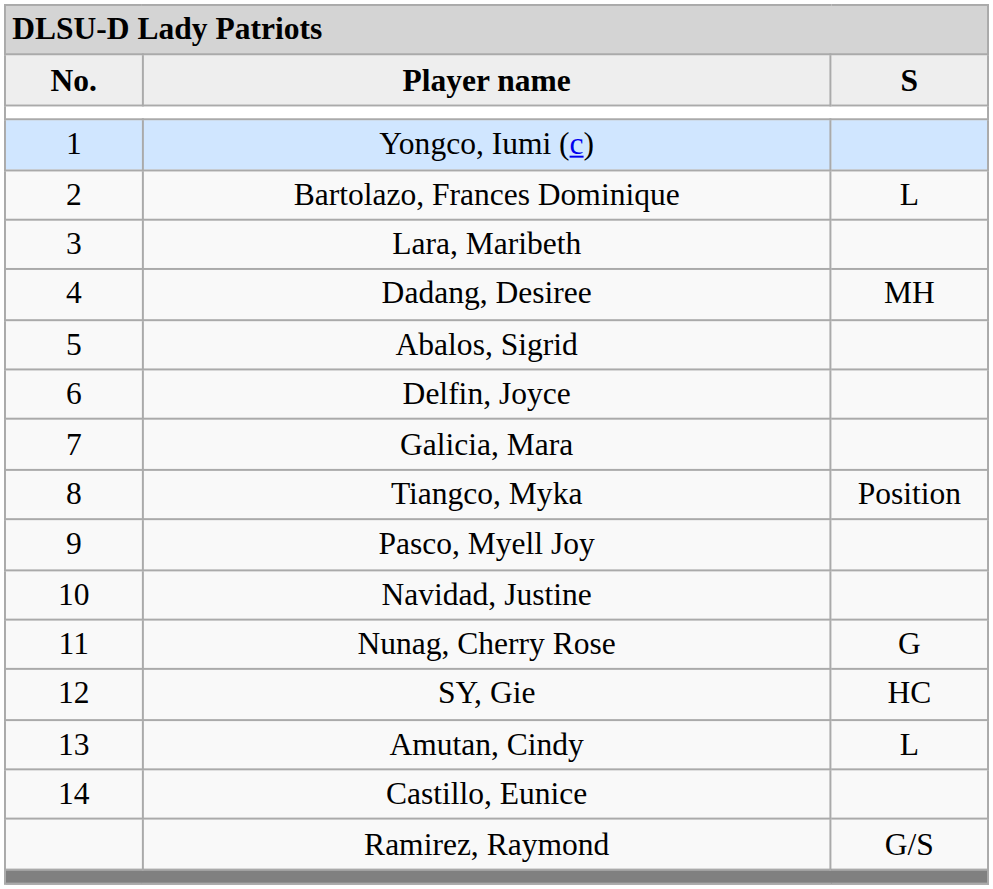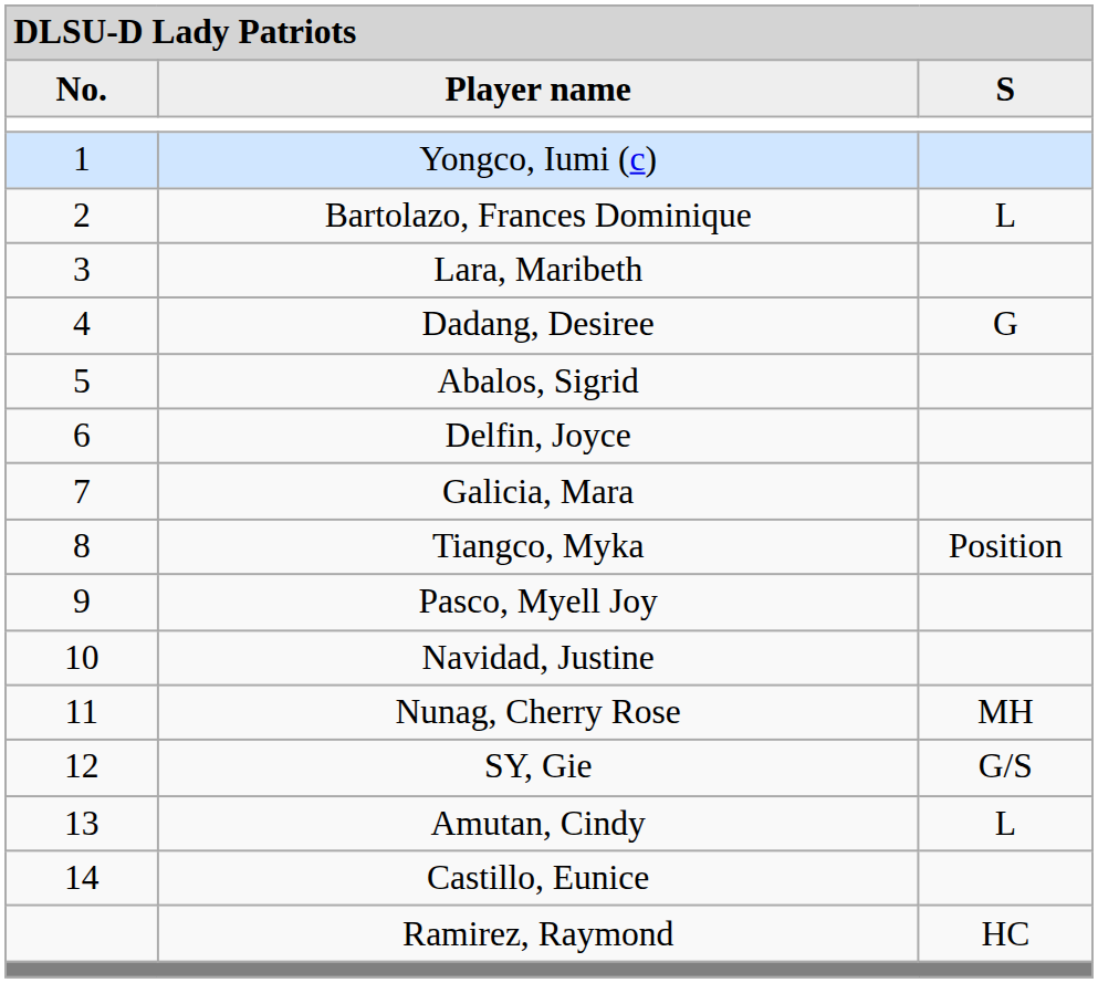 <table class='wikitable mw-collapsible mw-collapsed' style='text-align: center; width: 500px; border: none;'>
 <tr>
 <th style="background:#D4D4D4; text-align:left;" colspan=3> DLSU-D Lady Patriots</th>
 </tr>
 <tr style="background:#EEEEEE; font-weight:bold;">
 <td width=10%>No.</td>
 <td width=50%>Player name</td>
 <td align=center>S</td>
 </tr>
 <tr style="background:#FFFFFF;">
 <td colspan=3 align=center></td>
 </tr>
 <tr style="background: #D0E6FF;">
 <td align=center>1</td>
 <td>Yongco, Iumi (<a href='#'>c</a>)</td>
 <td align=center></td>
 </tr>
 <tr>
 <td align=center>2</td>
 <td>Bartolazo, Frances Dominique</td>
 <td align=center>L</td>
 </tr>
 <tr>
 <td align=center>3</td>
 <td>Lara, Maribeth</td>
 <td align=center></td>
 </tr>
 <tr>
 <td align=center>4</td>
 <td>Dadang, Desiree</td>
-<td align=center>MH</td>
+<td align=center>G</td>
 </tr>
 <tr>
 <td align=center>5</td>
 <td>Abalos, Sigrid</td>
 <td align=center></td>
 </tr>
 <tr>
 <td align=center>6</td>
 <td>Delfin, Joyce</td>
 <td align=center></td>
 </tr>
 <tr>
 <td align=center>7</td>
 <td>Galicia, Mara</td>
 <td align=center></td>
 </tr>
 <tr>
 <td align=center>8</td>
 <td>Tiangco, Myka</td>
 <td width=10%>Position</td>
 </tr>
 <tr>
 <td align=center>9</td>
 <td>Pasco, Myell Joy</td>
 <td align=center></td>
 </tr>
 <tr>
 <td align=center>10</td>
 <td>Navidad, Justine</td>
 <td align=center></td>
 </tr>
 <tr>
 <td align=center>11</td>
 <td>Nunag, Cherry Rose</td>
-<td align=center>G</td>
+<td align=center>MH</td>
 </tr>
 <tr>
 <td align=center>12</td>
 <td>SY, Gie</td>
-<td align=center>HC</td>
+<td align=center>G/S</td>
 </tr>
 <tr>
 <td align=center>13</td>
 <td>Amutan, Cindy</td>
 <td align=center>L</td>
 </tr>
 <tr>
 <td align=center>14</td>
 <td>Castillo, Eunice</td>
 <td align=center></td>
 </tr>
 <tr>
 <td align=center></td>
 <td>Ramirez, Raymond</td>
-<td align=center>G/S</td>
+<td align=center>HC</td>
 </tr>
 <tr>
 <th style='background: grey;' colspan=3></th>
 </tr>
 </table>
